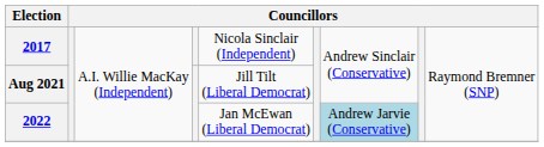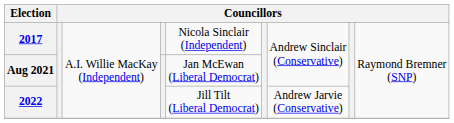 <table class="wikitable" style="text-align:center">
 <tr>
 <th>Election</th>
 <th colspan="8">Councillors</th>
 </tr>
 <tr>
 <th><a href='#'>2017</a></th>
 <th rowspan="3" ; style="background-color: "></th>
 <td rowspan="3">A.I. Willie MacKay <br>(<a href='#'>Independent</a>)</td>
 <th rowspan="1" ; style="background-color: "></th>
 <td rowspan="1">Nicola Sinclair <br>(<a href='#'>Independent</a>)</td>
 <th rowspan="3" ; style="background-color: "></th>
 <td rowspan="2">Andrew Sinclair <br>(<a href='#'>Conservative</a>)</td>
 <th rowspan="3" ; style="background-color: "></th>
 <td rowspan="3">Raymond Bremner <br>(<a href='#'>SNP</a>)</td>
 </tr>
 <tr>
 <th>Aug 2021</th>
 <th rowspan="2" ; style="background-color: "></th>
-<td rowspan="1">Jill Tilt <br>(<a href='#'>Liberal Democrat</a>)</td>
+<td rowspan="1">Jan McEwan <br>(<a href='#'>Liberal Democrat</a>)</td>
 </tr>
 <tr>
 <th><a href='#'>2022</a></th>
-<td rowspan="1">Jan McEwan <br>(<a href='#'>Liberal Democrat</a>)</td>
-<td rowspan="1" style="background: lightblue;">Andrew Jarvie <br>(<a href='#'>Conservative</a>)</td>
+<td rowspan="1">Jill Tilt <br>(<a href='#'>Liberal Democrat</a>)</td>
+<td rowspan="1">Andrew Jarvie <br>(<a href='#'>Conservative</a>)</td>
 </tr>
 <tr>
 </tr>
 </table>
